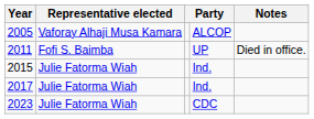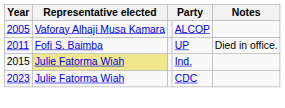 <table class="wikitable">
 <tr>
 <th>Year</th>
 <th>Representative elected</th>
 <th colspan=2>Party</th>
 <th>Notes</th>
 </tr>
 <tr>
 <td><a href='#'>2005</a></td>
 <td><a href='#'>Vaforay Alhaji Musa Kamara</a></td>
 <td></td>
 <td><a href='#'>ALCOP</a></td>
 <td></td>
 </tr>
 <tr>
 <td><a href='#'>2011</a></td>
 <td><a href='#'>Fofi S. Baimba</a></td>
 <td></td>
 <td><a href='#'>UP</a></td>
 <td>Died in office.</td>
 </tr>
 <tr>
 <td>2015</td>
-<td><a href='#'>Julie Fatorma Wiah</a></td>
-<td></td>
-<td><a href='#'>Ind.</a></td>
-<td></td>
-</tr>
-<tr>
-<td><a href='#'>2017</a></td>
-<td><a href='#'>Julie Fatorma Wiah</a></td>
+<td style="background: khaki;"><a href='#'>Julie Fatorma Wiah</a></td>
 <td></td>
 <td><a href='#'>Ind.</a></td>
 <td></td>
 </tr>
 <tr>
 <td><a href='#'>2023</a></td>
 <td><a href='#'>Julie Fatorma Wiah</a></td>
 <td></td>
 <td><a href='#'>CDC</a></td>
 <td></td>
 </tr>
 </table>
